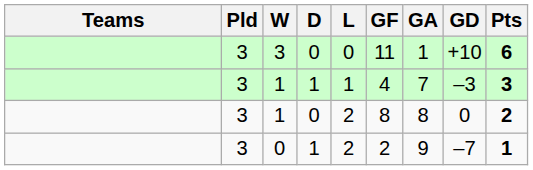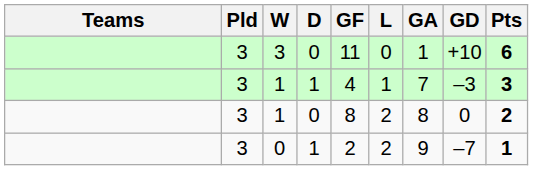 <table class="wikitable" style="text-align: center;">
 <tr>
 <th width=165>Teams</th>
 <th width=20>Pld</th>
 <th width=20>W</th>
 <th width=20>D</th>
+<th width=20>GF</th>
 <th width=20>L</th>
-<th width=20>GF</th>
 <th width=20>GA</th>
 <th width=20>GD</th>
 <th width=20>Pts</th>
 </tr>
 <tr align=center style="background:#ccffcc;">
 <td style="text-align:left;"></td>
 <td>3</td>
 <td>3</td>
 <td>0</td>
+<td>11</td>
 <td>0</td>
-<td>11</td>
 <td>1</td>
 <td>+10</td>
 <td><strong>6</strong></td>
 </tr>
 <tr align=center style="background:#ccffcc;">
 <td style="text-align:left;"></td>
 <td>3</td>
 <td>1</td>
 <td>1</td>
+<td>4</td>
 <td>1</td>
-<td>4</td>
 <td>7</td>
 <td>–3</td>
 <td><strong>3</strong></td>
 </tr>
 <tr align=center>
 <td style="text-align:left;"></td>
 <td>3</td>
 <td>1</td>
 <td>0</td>
+<td>8</td>
 <td>2</td>
-<td>8</td>
 <td>8</td>
 <td>0</td>
 <td><strong>2</strong></td>
 </tr>
 <tr align=center>
 <td style="text-align:left;"></td>
 <td>3</td>
 <td>0</td>
 <td>1</td>
 <td>2</td>
 <td>2</td>
 <td>9</td>
 <td>–7</td>
 <td><strong>1</strong></td>
 </tr>
 </table>
